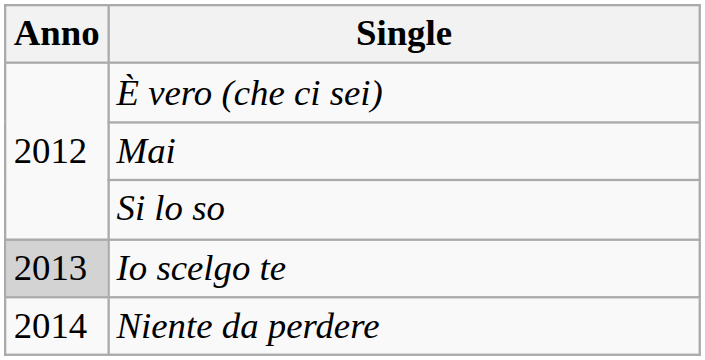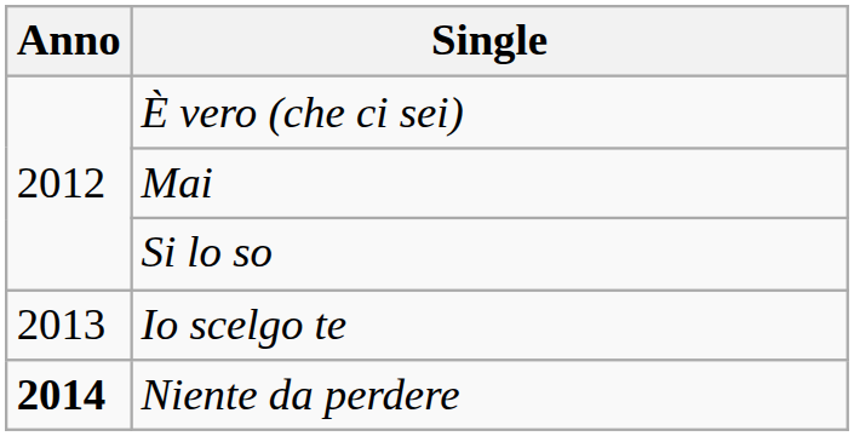 <table class="wikitable">
 <tr>
 <th>Anno</th>
 <th style="width:250px;">Single</th>
 </tr>
 <tr>
 <td rowspan="3">2012</td>
 <td><em>È vero (che ci sei)</em></td>
 </tr>
 <tr>
 <td><em>Mai</em></td>
 </tr>
 <tr>
 <td><em>Si lo so</em></td>
 </tr>
 <tr>
-<td style="background: lightgrey;">2013</td>
+<td>2013</td>
 <td><em>Io scelgo te</em></td>
 </tr>
 <tr>
-<td>2014</td>
+<td><strong>2014</strong></td>
 <td><em>Niente da perdere</em></td>
 </tr>
 </table>
